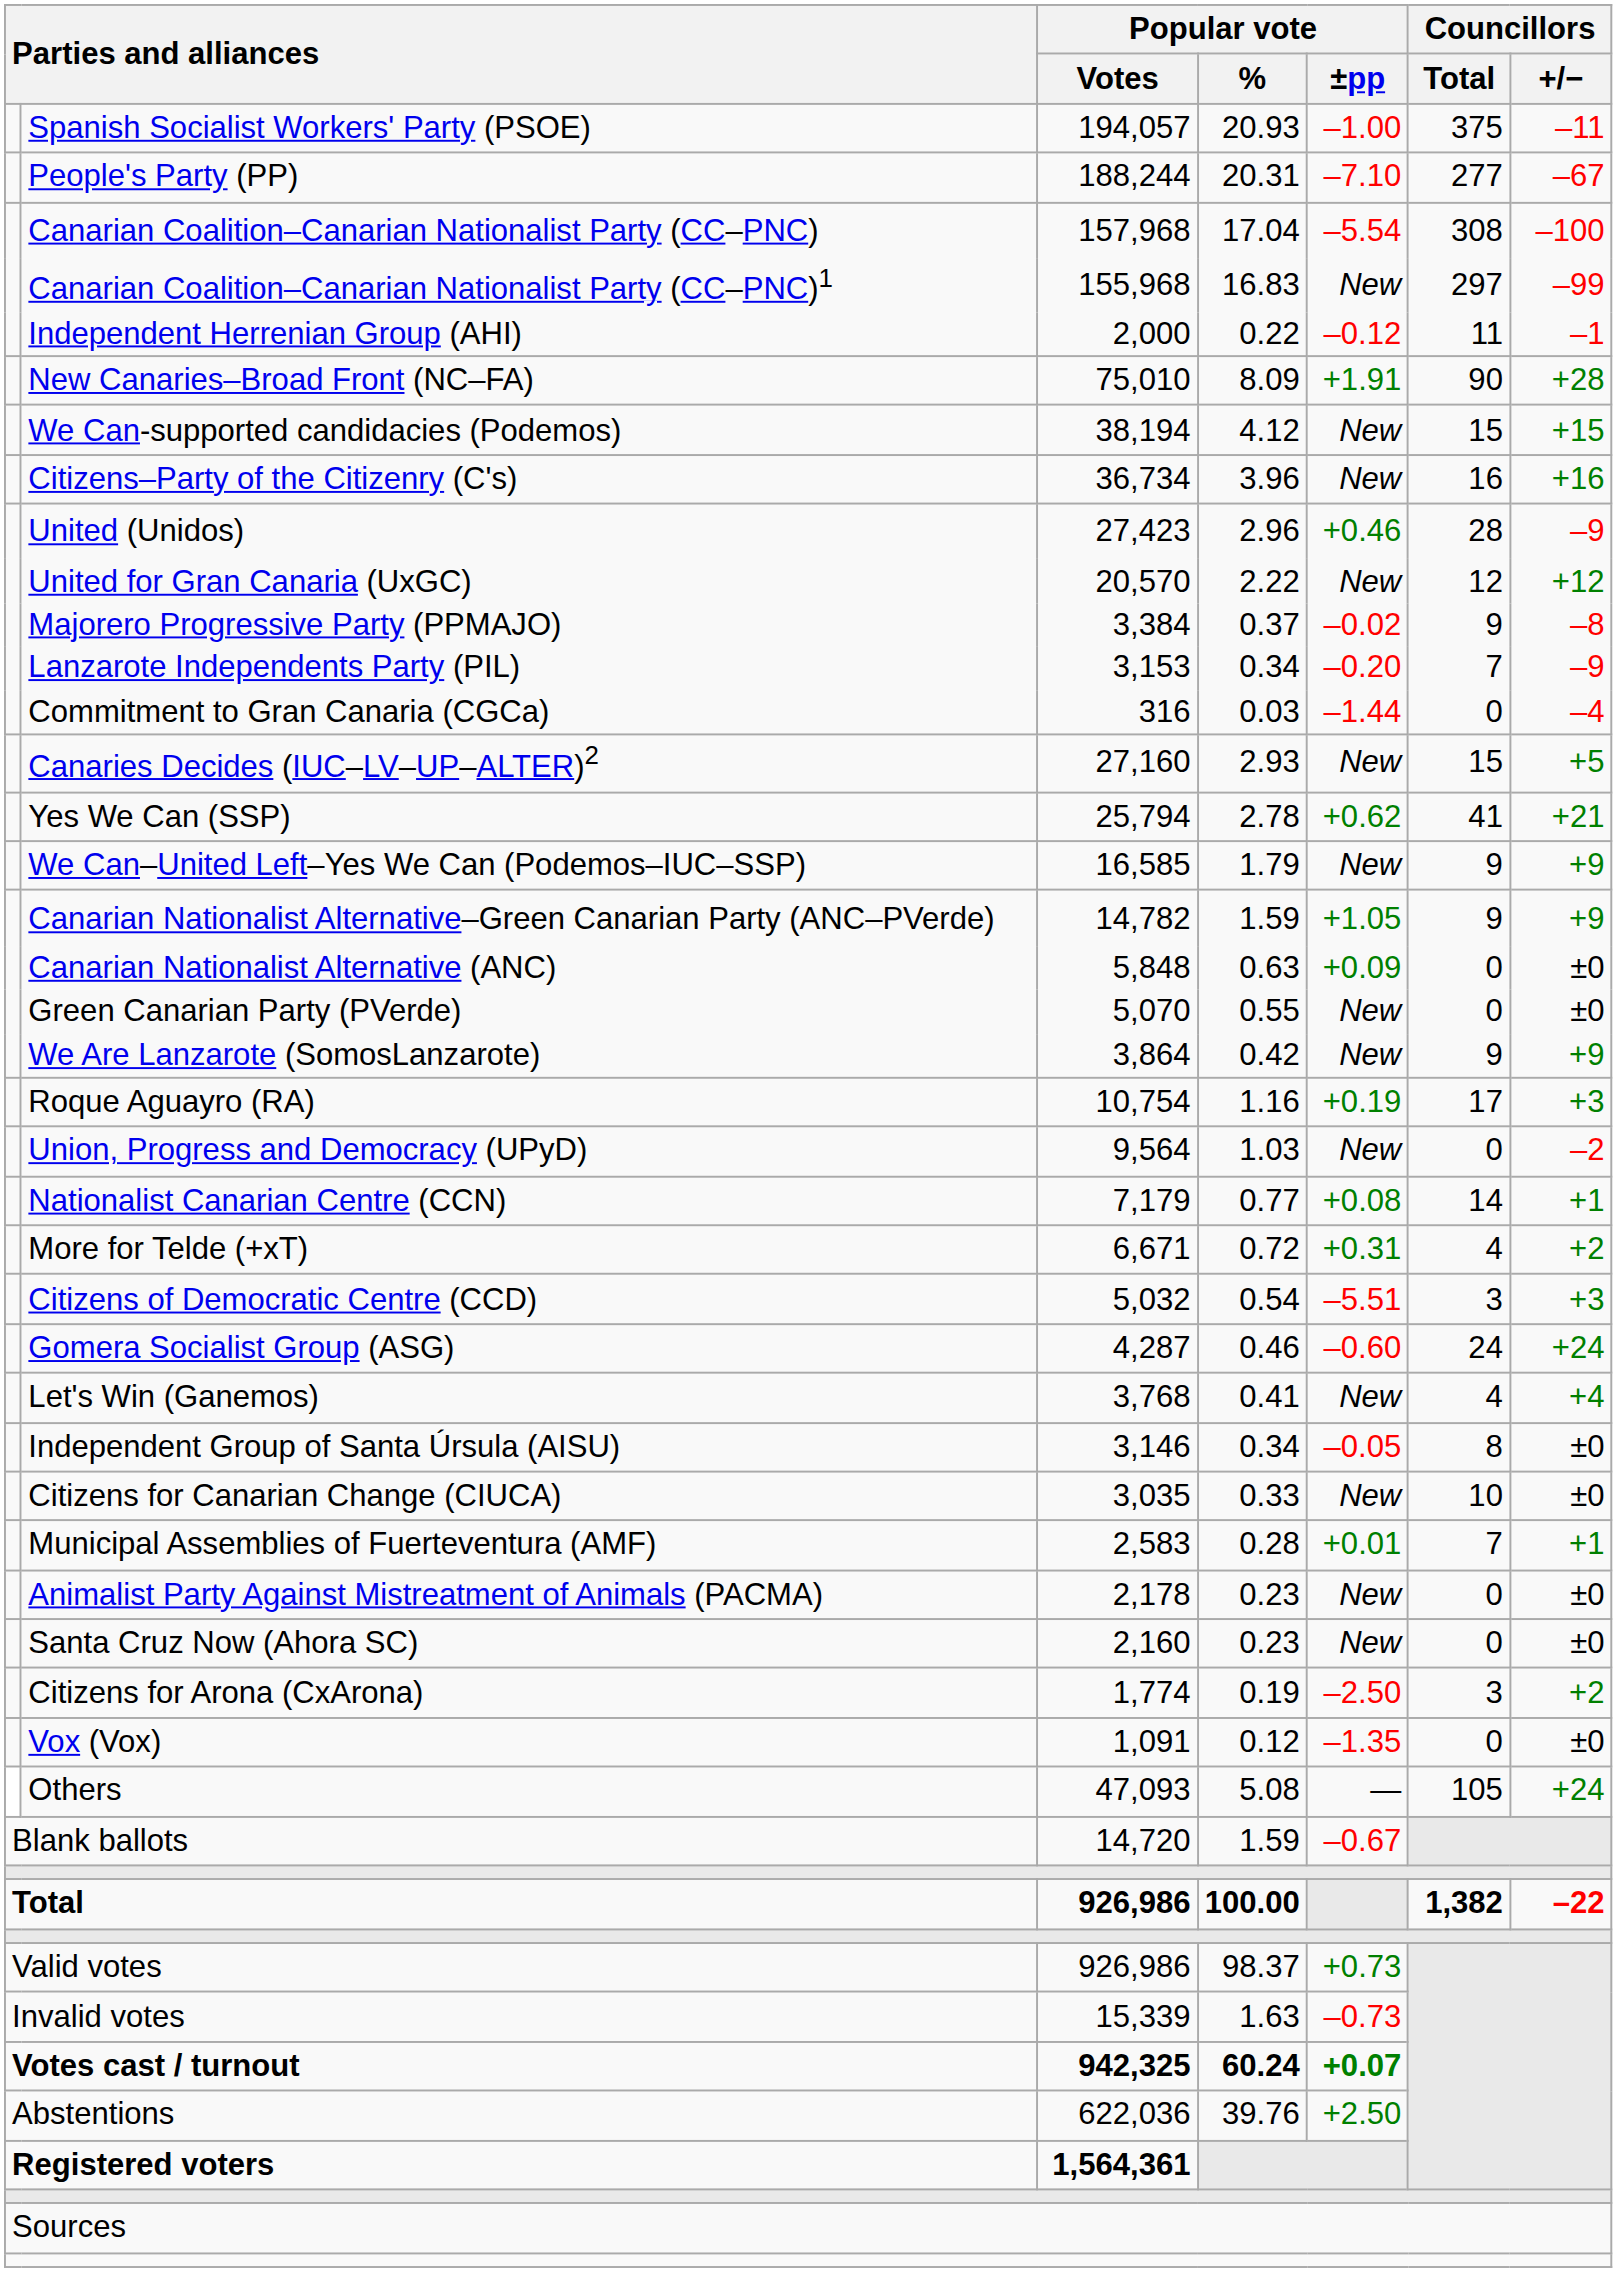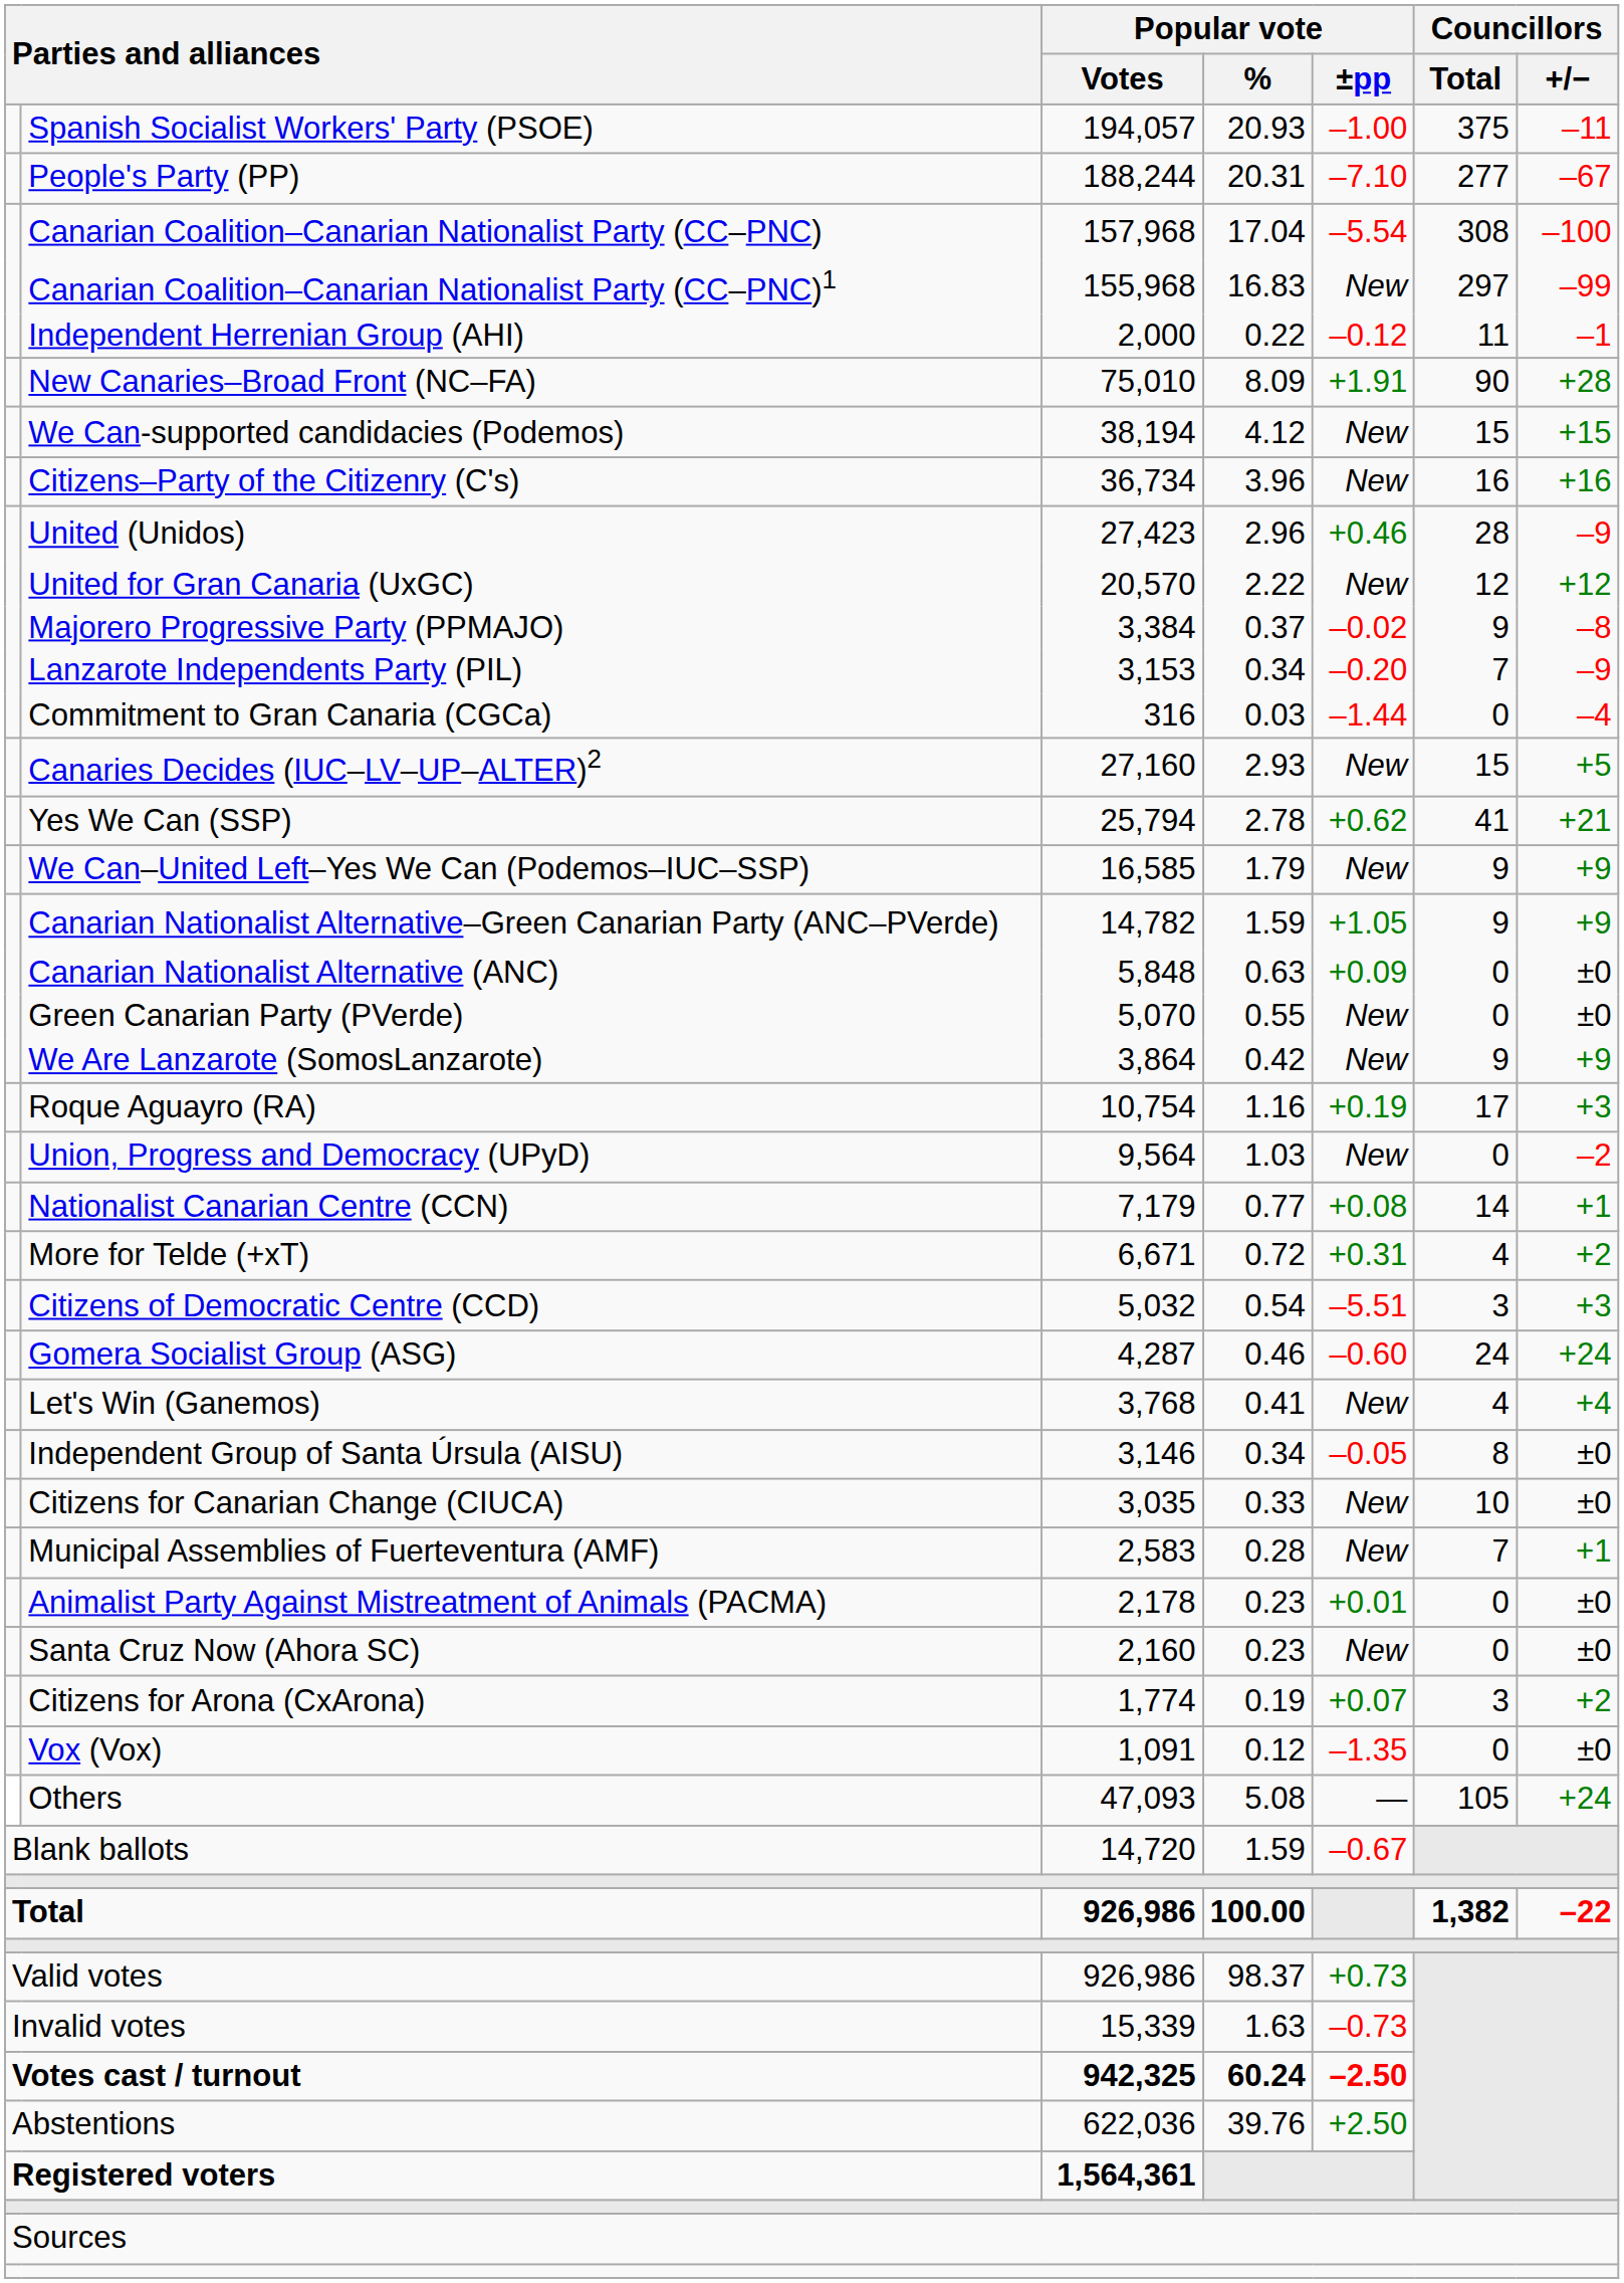 <table class="wikitable" style="text-align:right;">
 <tr>
 <th style="text-align:left;" rowspan="2" colspan="2" width="525">Parties and alliances</th>
 <th colspan="3">Popular vote</th>
 <th colspan="2">Councillors</th>
 </tr>
 <tr>
 <th width="75">Votes</th>
 <th width="45">%</th>
 <th width="45">±<a href='#'>pp</a></th>
 <th width="45">Total</th>
 <th width="45">+/−</th>
 </tr>
 <tr>
 <td width="1" style="color:inherit;background:"></td>
 <td align="left"><a href='#'>Spanish Socialist Workers' Party</a> (PSOE)</td>
 <td>194,057</td>
 <td>20.93</td>
 <td style="color:red;">–1.00</td>
 <td>375</td>
 <td style="color:red;">–11</td>
 </tr>
 <tr>
 <td style="color:inherit;background:"></td>
 <td align="left"><a href='#'>People's Party</a> (PP)</td>
 <td>188,244</td>
 <td>20.31</td>
 <td style="color:red;">–7.10</td>
 <td>277</td>
 <td style="color:red;">–67</td>
 </tr>
 <tr style="line-height:22px;">
 <td rowspan="3" style="color:inherit;background:"></td>
 <td align="left"><a href='#'>Canarian Coalition–Canarian Nationalist Party</a> (<a href='#'>CC</a>–<a href='#'>PNC</a>)</td>
 <td>157,968</td>
 <td>17.04</td>
 <td style="color:red;">–5.54</td>
 <td>308</td>
 <td style="color:red;">–100</td>
 </tr>
 <tr style="border-bottom-style:hidden; border-top-style:hidden; line-height:16px;">
 <td align="left"><span><a href='#'>Canarian Coalition–Canarian Nationalist Party</a> (<a href='#'>CC</a>–<a href='#'>PNC</a>)<sup>1</sup></span></td>
 <td>155,968</td>
 <td>16.83</td>
 <td><em>New</em></td>
 <td>297</td>
 <td style="color:red;">–99</td>
 </tr>
 <tr style="line-height:16px;">
 <td align="left"><span><a href='#'>Independent Herrenian Group</a> (AHI)</span></td>
 <td>2,000</td>
 <td>0.22</td>
 <td style="color:red;">–0.12</td>
 <td>11</td>
 <td style="color:red;">–1</td>
 </tr>
 <tr>
 <td style="color:inherit;background:"></td>
 <td align="left"><a href='#'>New Canaries–Broad Front</a> (NC–FA)</td>
 <td>75,010</td>
 <td>8.09</td>
 <td style="color:green;">+1.91</td>
 <td>90</td>
 <td style="color:green;">+28</td>
 </tr>
 <tr>
 <td style="color:inherit;background:"></td>
 <td align="left"><a href='#'>We Can</a>-supported candidacies (Podemos)</td>
 <td>38,194</td>
 <td>4.12</td>
 <td><em>New</em></td>
 <td>15</td>
 <td style="color:green;">+15</td>
 </tr>
 <tr>
 <td style="color:inherit;background:"></td>
 <td align="left"><a href='#'>Citizens–Party of the Citizenry</a> (C's)</td>
 <td>36,734</td>
 <td>3.96</td>
 <td><em>New</em></td>
 <td>16</td>
 <td style="color:green;">+16</td>
 </tr>
 <tr style="line-height:22px;">
 <td rowspan="5" style="color:inherit;background:"></td>
 <td align="left"><a href='#'>United</a> (Unidos)</td>
 <td>27,423</td>
 <td>2.96</td>
 <td style="color:green;">+0.46</td>
 <td>28</td>
 <td style="color:red;">–9</td>
 </tr>
 <tr style="border-bottom-style:hidden; border-top-style:hidden; line-height:16px;">
 <td align="left"><span><a href='#'>United for Gran Canaria</a> (UxGC)</span></td>
 <td>20,570</td>
 <td>2.22</td>
 <td><em>New</em></td>
 <td>12</td>
 <td style="color:green;">+12</td>
 </tr>
 <tr style="border-bottom-style:hidden; line-height:16px;">
 <td align="left"><span><a href='#'>Majorero Progressive Party</a> (PPMAJO)</span></td>
 <td>3,384</td>
 <td>0.37</td>
 <td style="color:red;">–0.02</td>
 <td>9</td>
 <td style="color:red;">–8</td>
 </tr>
 <tr style="border-bottom-style:hidden; line-height:16px;">
 <td align="left"><span><a href='#'>Lanzarote Independents Party</a> (PIL)</span></td>
 <td>3,153</td>
 <td>0.34</td>
 <td style="color:red;">–0.20</td>
 <td>7</td>
 <td style="color:red;">–9</td>
 </tr>
 <tr style="line-height:16px;">
 <td align="left"><span>Commitment to Gran Canaria (CGCa)</span></td>
 <td>316</td>
 <td>0.03</td>
 <td style="color:red;">–1.44</td>
 <td>0</td>
 <td style="color:red;">–4</td>
 </tr>
 <tr>
 <td style="color:inherit;background:"></td>
 <td align="left"><a href='#'>Canaries Decides</a> (<a href='#'>IUC</a>–<a href='#'>LV</a>–<a href='#'>UP</a>–<a href='#'>ALTER</a>)<sup>2</sup></td>
 <td>27,160</td>
 <td>2.93</td>
 <td><em>New</em></td>
 <td>15</td>
 <td style="color:green;">+5</td>
 </tr>
 <tr>
 <td style="color:inherit;background:"></td>
 <td align="left">Yes We Can (SSP)</td>
 <td>25,794</td>
 <td>2.78</td>
 <td style="color:green;">+0.62</td>
 <td>41</td>
 <td style="color:green;">+21</td>
 </tr>
 <tr>
 <td style="color:inherit;background:"></td>
 <td align="left"><a href='#'>We Can</a>–<a href='#'>United Left</a>–Yes We Can (Podemos–IUC–SSP)</td>
 <td>16,585</td>
 <td>1.79</td>
 <td><em>New</em></td>
 <td>9</td>
 <td style="color:green;">+9</td>
 </tr>
 <tr style="line-height:22px;">
 <td rowspan="4" style="color:inherit;background:"></td>
 <td align="left"><a href='#'>Canarian Nationalist Alternative</a>–Green Canarian Party (ANC–PVerde)</td>
 <td>14,782</td>
 <td>1.59</td>
 <td style="color:green;">+1.05</td>
 <td>9</td>
 <td style="color:green;">+9</td>
 </tr>
 <tr style="border-bottom-style:hidden; border-top-style:hidden; line-height:16px;">
 <td align="left"><span><a href='#'>Canarian Nationalist Alternative</a> (ANC)</span></td>
 <td>5,848</td>
 <td>0.63</td>
 <td style="color:green;">+0.09</td>
 <td>0</td>
 <td>±0</td>
 </tr>
 <tr style="border-bottom-style:hidden; line-height:16px;">
 <td align="left"><span>Green Canarian Party (PVerde)</span></td>
 <td>5,070</td>
 <td>0.55</td>
 <td><em>New</em></td>
 <td>0</td>
 <td>±0</td>
 </tr>
 <tr style="line-height:16px;">
 <td align="left"><span><a href='#'>We Are Lanzarote</a> (SomosLanzarote)</span></td>
 <td>3,864</td>
 <td>0.42</td>
 <td><em>New</em></td>
 <td>9</td>
 <td style="color:green;">+9</td>
 </tr>
 <tr>
 <td style="color:inherit;background:"></td>
 <td align="left">Roque Aguayro (RA)</td>
 <td>10,754</td>
 <td>1.16</td>
 <td style="color:green;">+0.19</td>
 <td>17</td>
 <td style="color:green;">+3</td>
 </tr>
 <tr>
 <td style="color:inherit;background:"></td>
 <td align="left"><a href='#'>Union, Progress and Democracy</a> (UPyD)</td>
 <td>9,564</td>
 <td>1.03</td>
 <td><em>New</em></td>
 <td>0</td>
 <td style="color:red;">–2</td>
 </tr>
 <tr>
 <td style="color:inherit;background:"></td>
 <td align="left"><a href='#'>Nationalist Canarian Centre</a> (CCN)</td>
 <td>7,179</td>
 <td>0.77</td>
 <td style="color:green;">+0.08</td>
 <td>14</td>
 <td style="color:green;">+1</td>
 </tr>
 <tr>
 <td style="color:inherit;background:"></td>
 <td align="left">More for Telde (+xT)</td>
 <td>6,671</td>
 <td>0.72</td>
 <td style="color:green;">+0.31</td>
 <td>4</td>
 <td style="color:green;">+2</td>
 </tr>
 <tr>
 <td style="color:inherit;background:"></td>
 <td align="left"><a href='#'>Citizens of Democratic Centre</a> (CCD)</td>
 <td>5,032</td>
 <td>0.54</td>
 <td style="color:red;">–5.51</td>
 <td>3</td>
 <td style="color:green;">+3</td>
 </tr>
 <tr>
 <td style="color:inherit;background:"></td>
 <td align="left"><a href='#'>Gomera Socialist Group</a> (ASG)</td>
 <td>4,287</td>
 <td>0.46</td>
 <td style="color:red;">–0.60</td>
 <td>24</td>
 <td style="color:green;">+24</td>
 </tr>
 <tr>
 <td style="color:inherit;background:"></td>
 <td align="left">Let's Win (Ganemos)</td>
 <td>3,768</td>
 <td>0.41</td>
 <td><em>New</em></td>
 <td>4</td>
 <td style="color:green;">+4</td>
 </tr>
 <tr>
 <td style="color:inherit;background:"></td>
 <td align="left">Independent Group of Santa Úrsula (AISU)</td>
 <td>3,146</td>
 <td>0.34</td>
 <td style="color:red;">–0.05</td>
 <td>8</td>
 <td>±0</td>
 </tr>
 <tr>
 <td style="color:inherit;background:"></td>
 <td align="left">Citizens for Canarian Change (CIUCA)</td>
 <td>3,035</td>
 <td>0.33</td>
 <td><em>New</em></td>
 <td>10</td>
 <td>±0</td>
 </tr>
 <tr>
 <td style="color:inherit;background:"></td>
 <td align="left">Municipal Assemblies of Fuerteventura (AMF)</td>
 <td>2,583</td>
 <td>0.28</td>
-<td style="color:green;">+0.01</td>
+<td><em>New</em></td>
 <td>7</td>
 <td style="color:green;">+1</td>
 </tr>
 <tr>
 <td style="color:inherit;background:"></td>
 <td align="left"><a href='#'>Animalist Party Against Mistreatment of Animals</a> (PACMA)</td>
 <td>2,178</td>
 <td>0.23</td>
-<td><em>New</em></td>
+<td style="color:green;">+0.01</td>
 <td>0</td>
 <td>±0</td>
 </tr>
 <tr>
 <td style="color:inherit;background:"></td>
 <td align="left">Santa Cruz Now (Ahora SC)</td>
 <td>2,160</td>
 <td>0.23</td>
 <td><em>New</em></td>
 <td>0</td>
 <td>±0</td>
 </tr>
 <tr>
 <td style="color:inherit;background:"></td>
 <td align="left">Citizens for Arona (CxArona)</td>
 <td>1,774</td>
 <td>0.19</td>
-<td style="color:red;">–2.50</td>
+<td style="color:green;">+0.07</td>
 <td>3</td>
 <td style="color:green;">+2</td>
 </tr>
 <tr>
 <td style="color:inherit;background:"></td>
 <td align="left"><a href='#'>Vox</a> (Vox)</td>
 <td>1,091</td>
 <td>0.12</td>
 <td style="color:red;">–1.35</td>
 <td>0</td>
 <td>±0</td>
 </tr>
 <tr>
 <td bgcolor="white"></td>
 <td align="left">Others</td>
 <td>47,093</td>
 <td>5.08</td>
 <td>—</td>
 <td>105</td>
 <td style="color:green;">+24</td>
 </tr>
 <tr>
 <td align="left" colspan="2">Blank ballots</td>
 <td>14,720</td>
 <td>1.59</td>
 <td style="color:red;">–0.67</td>
 <td bgcolor="#E9E9E9" colspan="2"></td>
 </tr>
 <tr>
 <td colspan="7" bgcolor="#E9E9E9"></td>
 </tr>
 <tr style="font-weight:bold;">
 <td align="left" colspan="2">Total</td>
 <td>926,986</td>
 <td>100.00</td>
 <td bgcolor="#E9E9E9"></td>
 <td>1,382</td>
 <td style="color:red;">–22</td>
 </tr>
 <tr>
 <td colspan="7" bgcolor="#E9E9E9"></td>
 </tr>
 <tr>
 <td align="left" colspan="2">Valid votes</td>
 <td>926,986</td>
 <td>98.37</td>
 <td style="color:green;">+0.73</td>
 <td bgcolor="#E9E9E9" colspan="2" rowspan="5"></td>
 </tr>
 <tr>
 <td align="left" colspan="2">Invalid votes</td>
 <td>15,339</td>
 <td>1.63</td>
 <td style="color:red;">–0.73</td>
 </tr>
 <tr style="font-weight:bold;">
 <td align="left" colspan="2">Votes cast / turnout</td>
 <td>942,325</td>
 <td>60.24</td>
-<td style="color:green;">+0.07</td>
+<td style="color:red;">–2.50</td>
 </tr>
 <tr>
 <td align="left" colspan="2">Abstentions</td>
 <td>622,036</td>
 <td>39.76</td>
 <td style="color:green;">+2.50</td>
 </tr>
 <tr style="font-weight:bold;">
 <td align="left" colspan="2">Registered voters</td>
 <td>1,564,361</td>
 <td bgcolor="#E9E9E9" colspan="2"></td>
 </tr>
 <tr>
 <td colspan="7" bgcolor="#E9E9E9"></td>
 </tr>
 <tr>
 <td align="left" colspan="7">Sources</td>
 </tr>
 <tr>
 <td colspan="7" style="text-align:left; max-width:790px;"></td>
 </tr>
 </table>
